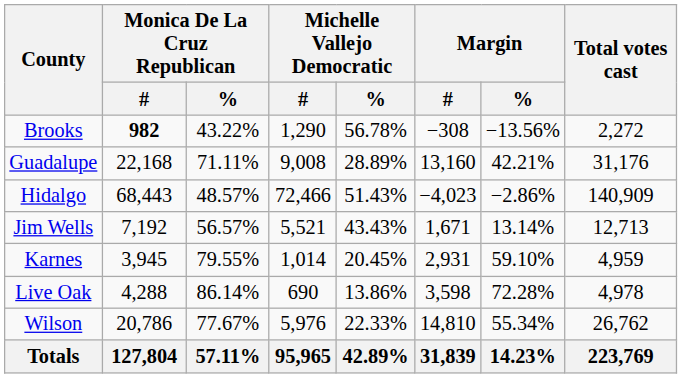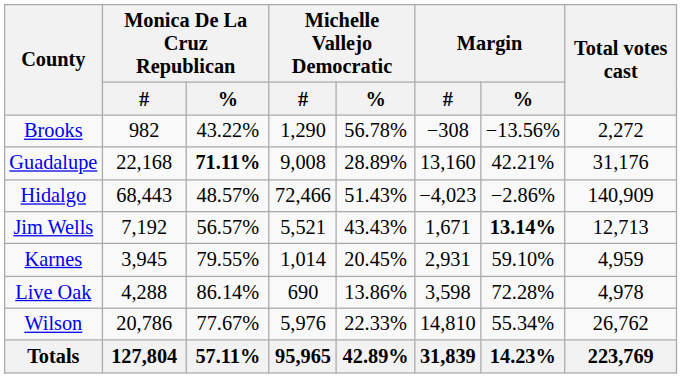 <table width="60%"  class="wikitable sortable" style="text-align:center">
 <tr>
 <th rowspan="2">County</th>
 <th style="text-align:center;" colspan="2">Monica De La Cruz<br>Republican</th>
 <th style="text-align:center;" colspan="2">Michelle Vallejo<br>Democratic</th>
 <th style="text-align:center;" colspan="2">Margin</th>
 <th rowspan="2" style="text-align:center;">Total votes cast</th>
 </tr>
 <tr>
 <th style="text-align:center;" data-sort-type="number">#</th>
 <th style="text-align:center;" data-sort-type="number">%</th>
 <th style="text-align:center;" data-sort-type="number">#</th>
 <th style="text-align:center;" data-sort-type="number">%</th>
 <th style="text-align:center;" data-sort-type="number">#</th>
 <th style="text-align:center;" data-sort-type="number">%</th>
 </tr>
 <tr style="text-align:center;">
 <td style="color:black;background-color:"><a href='#'>Brooks</a></td>
-<td style="background-color:"><strong>982</strong></td>
+<td style="background-color:">982</td>
 <td style="background-color:">43.22%</td>
 <td style="color:black;background-color:">1,290</td>
 <td style="color:black;background-color:">56.78%</td>
 <td style="color:black;background-color:">−308</td>
 <td style="color:black;background-color:">−13.56%</td>
 <td style="color:black;background-color:">2,272</td>
 </tr>
 <tr style="text-align:center;">
 <td style="background-color:"><a href='#'>Guadalupe</a></td>
 <td style="background-color:">22,168</td>
-<td style="background-color:">71.11%</td>
+<td style="background-color:"><strong>71.11%</strong></td>
 <td style="color:black;background-color:">9,008</td>
 <td style="color:black;background-color:">28.89%</td>
 <td style="background-color:">13,160</td>
 <td style="background-color:">42.21%</td>
 <td style="background-color:">31,176</td>
 </tr>
 <tr style="text-align:center;">
 <td style="color:black;background-color:"><a href='#'>Hidalgo</a></td>
 <td style="background-color:">68,443</td>
 <td style="background-color:">48.57%</td>
 <td style="color:black;background-color:">72,466</td>
 <td style="color:black;background-color:">51.43%</td>
 <td style="color:black;background-color:">−4,023</td>
 <td style="color:black;background-color:">−2.86%</td>
 <td style="color:black;background-color:">140,909</td>
 </tr>
 <tr style="text-align:center;">
 <td style="background-color:"><a href='#'>Jim Wells</a></td>
 <td style="background-color:">7,192</td>
 <td style="background-color:">56.57%</td>
 <td style="color:black;background-color:">5,521</td>
 <td style="color:black;background-color:">43.43%</td>
 <td style="background-color:">1,671</td>
-<td style="background-color:">13.14%</td>
+<td style="background-color:"><strong>13.14%</strong></td>
 <td style="background-color:">12,713</td>
 </tr>
 <tr style="text-align:center;">
 <td style="background-color:"><a href='#'>Karnes</a></td>
 <td style="background-color:">3,945</td>
 <td style="background-color:">79.55%</td>
 <td style="color:black;background-color:">1,014</td>
 <td style="color:black;background-color:">20.45%</td>
 <td style="background-color:">2,931</td>
 <td style="background-color:">59.10%</td>
 <td style="background-color:">4,959</td>
 </tr>
 <tr style="text-align:center;">
 <td style="background-color:"><a href='#'>Live Oak</a></td>
 <td style="background-color:">4,288</td>
 <td style="background-color:">86.14%</td>
 <td style="color:black;background-color:">690</td>
 <td style="color:black;background-color:">13.86%</td>
 <td style="background-color:">3,598</td>
 <td style="background-color:">72.28%</td>
 <td style="background-color:">4,978</td>
 </tr>
 <tr style="text-align:center;">
 <td style="background-color:"><a href='#'>Wilson</a></td>
 <td style="background-color:">20,786</td>
 <td style="background-color:">77.67%</td>
 <td style="color:black;background-color:">5,976</td>
 <td style="color:black;background-color:">22.33%</td>
 <td style="background-color:">14,810</td>
 <td style="background-color:">55.34%</td>
 <td style="background-color:">26,762</td>
 </tr>
 <tr style="text-align:center;">
 <th>Totals</th>
 <th>127,804</th>
 <th>57.11%</th>
 <th>95,965</th>
 <th>42.89%</th>
 <th>31,839</th>
 <th>14.23%</th>
 <th>223,769</th>
 </tr>
 </table>
